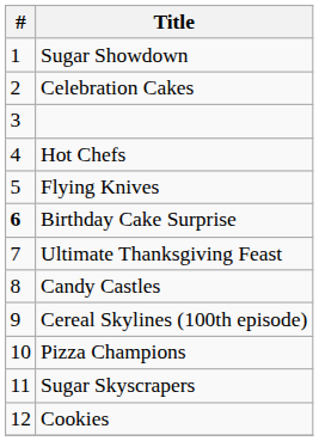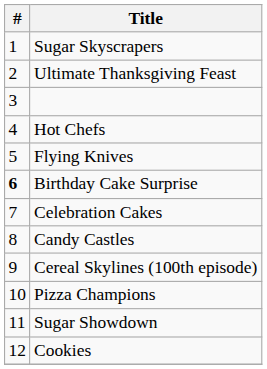 <table class="wikitable">
 <tr>
 <th>#</th>
 <th>Title</th>
 </tr>
 <tr>
 <td>1</td>
-<td>Sugar Showdown</td>
+<td>Sugar Skyscrapers</td>
 </tr>
 <tr>
 <td>2</td>
-<td>Celebration Cakes</td>
+<td>Ultimate Thanksgiving Feast</td>
 </tr>
 <tr>
 <td>3</td>
 </tr>
 <tr>
 <td>4</td>
 <td>Hot Chefs</td>
 </tr>
 <tr>
 <td>5</td>
 <td>Flying Knives</td>
 </tr>
 <tr>
 <td><strong>6</strong></td>
 <td>Birthday Cake Surprise</td>
 </tr>
 <tr>
 <td>7</td>
-<td>Ultimate Thanksgiving Feast</td>
+<td>Celebration Cakes</td>
 </tr>
 <tr>
 <td>8</td>
 <td>Candy Castles</td>
 </tr>
 <tr>
 <td>9</td>
 <td>Cereal Skylines (100th episode)</td>
 </tr>
 <tr>
 <td>10</td>
 <td>Pizza Champions</td>
 </tr>
 <tr>
 <td>11</td>
-<td>Sugar Skyscrapers</td>
+<td>Sugar Showdown</td>
 </tr>
 <tr>
 <td>12</td>
 <td>Cookies</td>
 </tr>
 <tr>
 </tr>
 </table>
